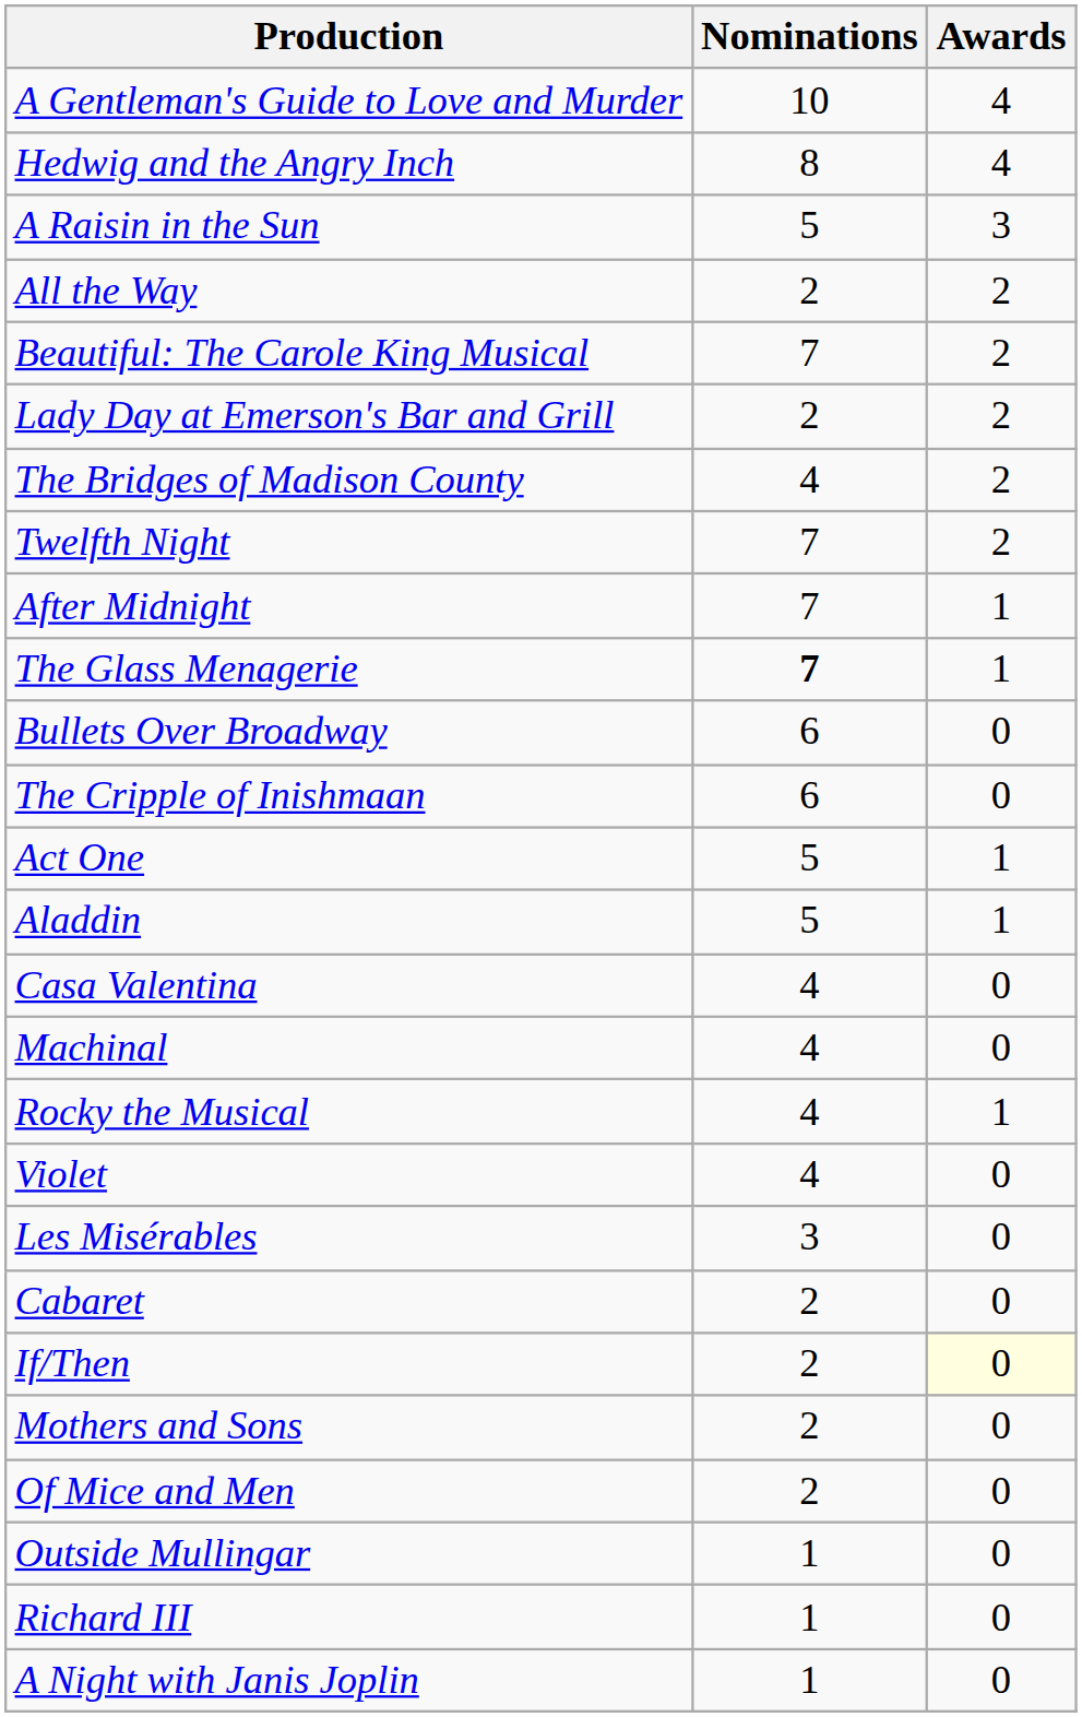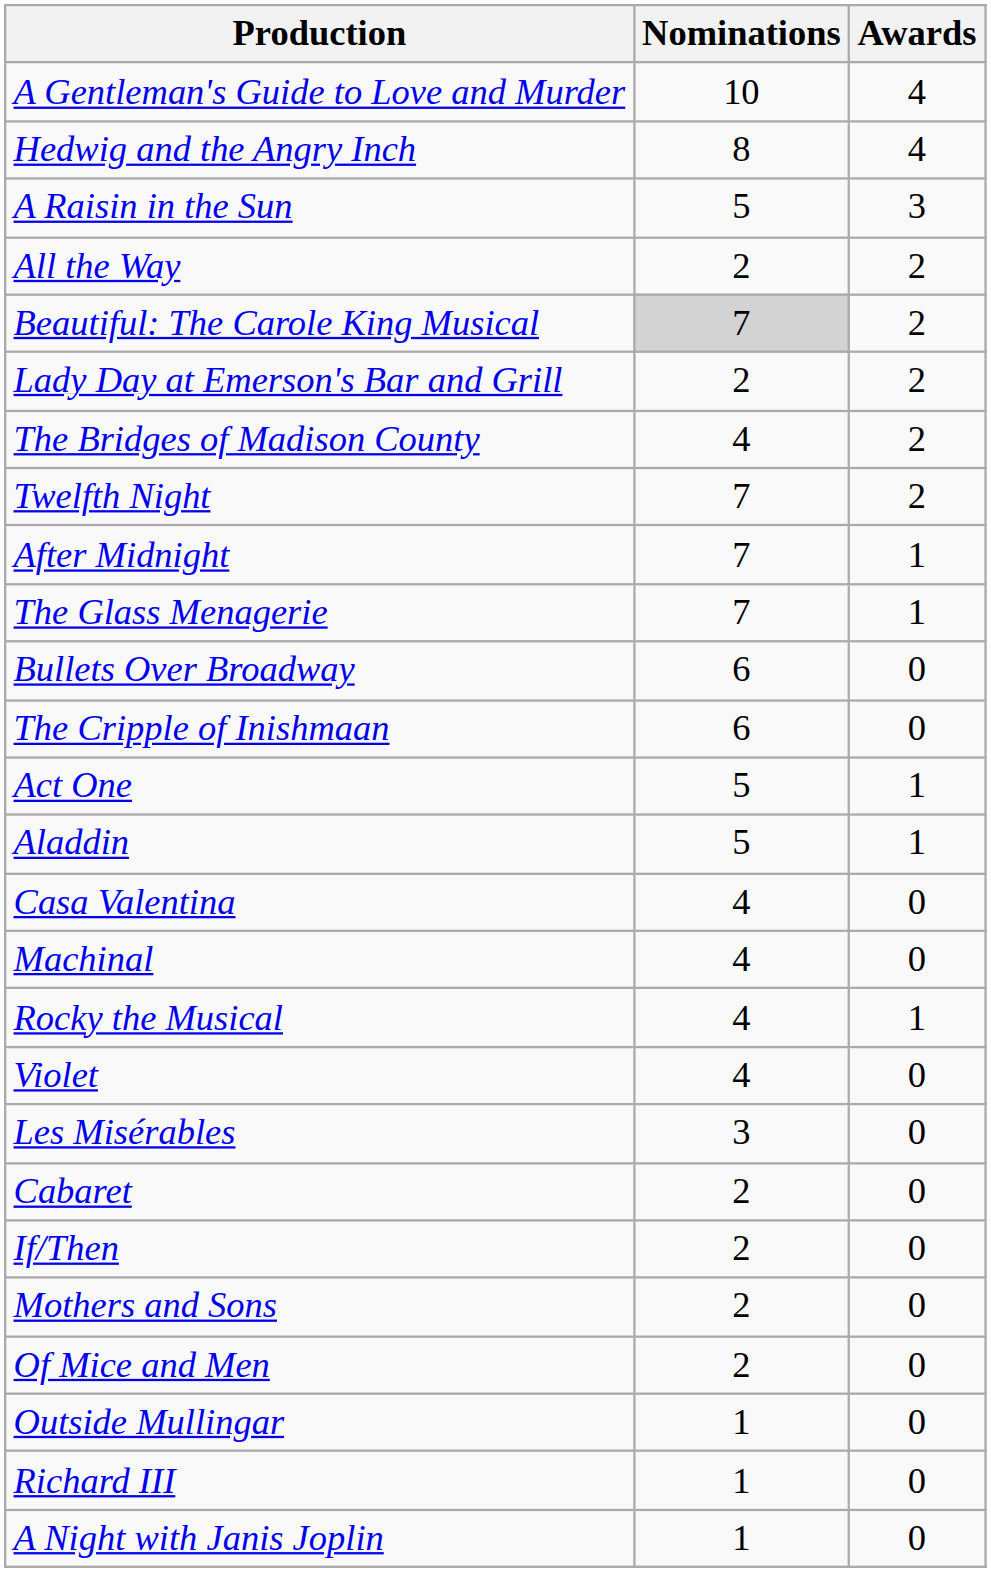 <table class="wikitable sortable">
 <tr>
 <th>Production</th>
 <th>Nominations</th>
 <th>Awards</th>
 </tr>
 <tr>
 <td><em><a href='#'>A Gentleman's Guide to Love and Murder</a></em></td>
 <td align=center>10</td>
 <td align=center>4</td>
 </tr>
 <tr>
 <td><em><a href='#'>Hedwig and the Angry Inch</a></em></td>
 <td align=center>8</td>
 <td align=center>4</td>
 </tr>
 <tr>
 <td><em><a href='#'>A Raisin in the Sun</a></em></td>
 <td align=center>5</td>
 <td align=center>3</td>
 </tr>
 <tr>
 <td><em><a href='#'>All the Way</a></em></td>
 <td align=center>2</td>
 <td align=center>2</td>
 </tr>
 <tr>
 <td><em><a href='#'>Beautiful: The Carole King Musical</a></em></td>
-<td align=center>7</td>
+<td align=center style="background: lightgrey;">7</td>
 <td align=center>2</td>
 </tr>
 <tr>
 <td><em><a href='#'>Lady Day at Emerson's Bar and Grill</a></em></td>
 <td align=center>2</td>
 <td align=center>2</td>
 </tr>
 <tr>
 <td><em><a href='#'>The Bridges of Madison County</a></em></td>
 <td align=center>4</td>
 <td align=center>2</td>
 </tr>
 <tr>
 <td><em><a href='#'>Twelfth Night</a></em></td>
 <td align=center>7</td>
 <td align=center>2</td>
 </tr>
 <tr>
 <td><em><a href='#'>After Midnight</a></em></td>
 <td align=center>7</td>
 <td align=center>1</td>
 </tr>
 <tr>
 <td><em><a href='#'>The Glass Menagerie</a></em></td>
-<td align=center><strong>7</strong></td>
+<td align=center>7</td>
 <td align=center>1</td>
 </tr>
 <tr>
 <td><em><a href='#'>Bullets Over Broadway</a></em></td>
 <td align=center>6</td>
 <td align=center>0</td>
 </tr>
 <tr>
 <td><em><a href='#'>The Cripple of Inishmaan</a></em></td>
 <td align=center>6</td>
 <td align=center>0</td>
 </tr>
 <tr>
 <td><em><a href='#'>Act One</a></em></td>
 <td align=center>5</td>
 <td align=center>1</td>
 </tr>
 <tr>
 <td><em><a href='#'>Aladdin</a></em></td>
 <td align=center>5</td>
 <td align=center>1</td>
 </tr>
 <tr>
 <td><em><a href='#'>Casa Valentina</a></em></td>
 <td align=center>4</td>
 <td align=center>0</td>
 </tr>
 <tr>
 <td><em><a href='#'>Machinal</a></em></td>
 <td align=center>4</td>
 <td align=center>0</td>
 </tr>
 <tr>
 <td><em><a href='#'>Rocky the Musical</a></em></td>
 <td align=center>4</td>
 <td align=center>1</td>
 </tr>
 <tr>
 <td><em><a href='#'>Violet</a></em></td>
 <td align=center>4</td>
 <td align=center>0</td>
 </tr>
 <tr>
 <td><em><a href='#'>Les Misérables</a></em></td>
 <td align=center>3</td>
 <td align=center>0</td>
 </tr>
 <tr>
 <td><em><a href='#'>Cabaret</a></em></td>
 <td align=center>2</td>
 <td align=center>0</td>
 </tr>
 <tr>
 <td><em><a href='#'>If/Then</a></em></td>
 <td align=center>2</td>
-<td align=center style="background: lightyellow;">0</td>
+<td align=center>0</td>
 </tr>
 <tr>
 <td><em><a href='#'>Mothers and Sons</a></em></td>
 <td align=center>2</td>
 <td align=center>0</td>
 </tr>
 <tr>
 <td><em><a href='#'>Of Mice and Men</a></em></td>
 <td align=center>2</td>
 <td align=center>0</td>
 </tr>
 <tr>
 <td><em><a href='#'>Outside Mullingar</a></em></td>
 <td align=center>1</td>
 <td align=center>0</td>
 </tr>
 <tr>
 <td><em><a href='#'>Richard III</a></em></td>
 <td align=center>1</td>
 <td align=center>0</td>
 </tr>
 <tr>
 <td><em><a href='#'>A Night with Janis Joplin</a></em></td>
 <td align=center>1</td>
 <td align=center>0</td>
 </tr>
 <tr>
 </tr>
 </table>
